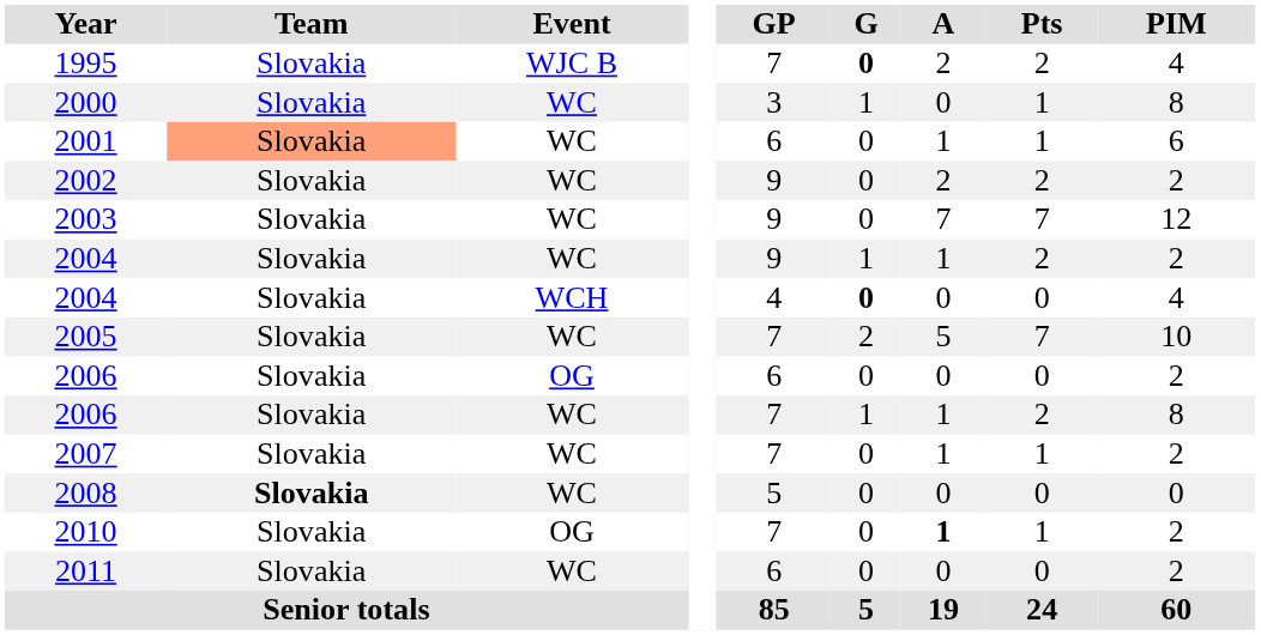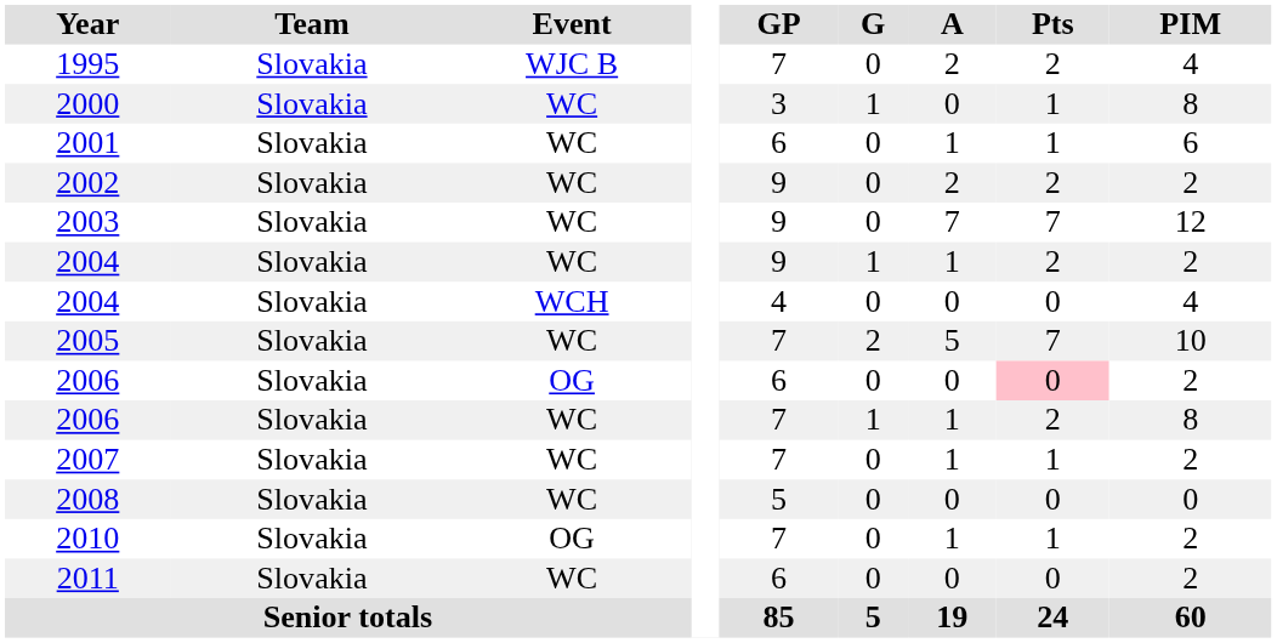 <table border="0" cellpadding="1" cellspacing="0" style="text-align:center; width:40em">
 <tr align="center" bgcolor="#e0e0e0">
 <th>Year</th>
 <th>Team</th>
 <th>Event</th>
 <th rowspan="99" bgcolor="#ffffff"> </th>
 <th>GP</th>
 <th>G</th>
 <th>A</th>
 <th>Pts</th>
 <th>PIM</th>
 </tr>
 <tr>
 <td><a href='#'>1995</a></td>
 <td><a href='#'>Slovakia</a></td>
 <td><a href='#'>WJC B</a></td>
 <td>7</td>
-<td><strong>0</strong></td>
+<td>0</td>
 <td>2</td>
 <td>2</td>
 <td>4</td>
 </tr>
 <tr bgcolor="#f0f0f0">
 <td><a href='#'>2000</a></td>
 <td><a href='#'>Slovakia</a></td>
 <td><a href='#'>WC</a></td>
 <td>3</td>
 <td>1</td>
 <td>0</td>
 <td>1</td>
 <td>8</td>
 </tr>
 <tr>
 <td><a href='#'>2001</a></td>
-<td style="background: lightsalmon;">Slovakia</td>
+<td>Slovakia</td>
 <td>WC</td>
 <td>6</td>
 <td>0</td>
 <td>1</td>
 <td>1</td>
 <td>6</td>
 </tr>
 <tr bgcolor="#f0f0f0">
 <td><a href='#'>2002</a></td>
 <td>Slovakia</td>
 <td>WC</td>
 <td>9</td>
 <td>0</td>
 <td>2</td>
 <td>2</td>
 <td>2</td>
 </tr>
 <tr>
 <td><a href='#'>2003</a></td>
 <td>Slovakia</td>
 <td>WC</td>
 <td>9</td>
 <td>0</td>
 <td>7</td>
 <td>7</td>
 <td>12</td>
 </tr>
 <tr bgcolor="#f0f0f0">
 <td><a href='#'>2004</a></td>
 <td>Slovakia</td>
 <td>WC</td>
 <td>9</td>
 <td>1</td>
 <td>1</td>
 <td>2</td>
 <td>2</td>
 </tr>
 <tr>
 <td><a href='#'>2004</a></td>
 <td>Slovakia</td>
 <td><a href='#'>WCH</a></td>
 <td>4</td>
-<td><strong>0</strong></td>
+<td>0</td>
 <td>0</td>
 <td>0</td>
 <td>4</td>
 </tr>
 <tr bgcolor="#f0f0f0">
 <td><a href='#'>2005</a></td>
 <td>Slovakia</td>
 <td>WC</td>
 <td>7</td>
 <td>2</td>
 <td>5</td>
 <td>7</td>
 <td>10</td>
 </tr>
 <tr>
 <td><a href='#'>2006</a></td>
 <td>Slovakia</td>
 <td><a href='#'>OG</a></td>
 <td>6</td>
 <td>0</td>
 <td>0</td>
-<td>0</td>
+<td style="background: pink;">0</td>
 <td>2</td>
 </tr>
 <tr bgcolor="#f0f0f0">
 <td><a href='#'>2006</a></td>
 <td>Slovakia</td>
 <td>WC</td>
 <td>7</td>
 <td>1</td>
 <td>1</td>
 <td>2</td>
 <td>8</td>
 </tr>
 <tr>
 <td><a href='#'>2007</a></td>
 <td>Slovakia</td>
 <td>WC</td>
 <td>7</td>
 <td>0</td>
 <td>1</td>
 <td>1</td>
 <td>2</td>
 </tr>
 <tr bgcolor="#f0f0f0">
 <td><a href='#'>2008</a></td>
-<td><strong>Slovakia</strong></td>
+<td>Slovakia</td>
 <td>WC</td>
 <td>5</td>
 <td>0</td>
 <td>0</td>
 <td>0</td>
 <td>0</td>
 </tr>
 <tr>
 <td><a href='#'>2010</a></td>
 <td>Slovakia</td>
 <td>OG</td>
 <td>7</td>
 <td>0</td>
-<td><strong>1</strong></td>
+<td>1</td>
 <td>1</td>
 <td>2</td>
 </tr>
 <tr bgcolor="#f0f0f0">
 <td><a href='#'>2011</a></td>
 <td>Slovakia</td>
 <td>WC</td>
 <td>6</td>
 <td>0</td>
 <td>0</td>
 <td>0</td>
 <td>2</td>
 </tr>
 <tr bgcolor="#e0e0e0">
 <th colspan=3>Senior totals</th>
 <th>85</th>
 <th>5</th>
 <th>19</th>
 <th>24</th>
 <th>60</th>
 </tr>
 </table>
